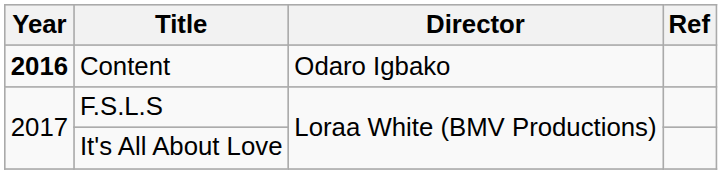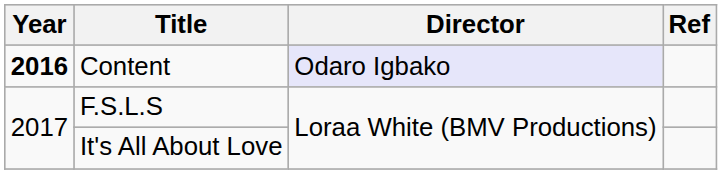 <table class="wikitable">
 <tr>
 <th>Year</th>
 <th>Title</th>
 <th>Director</th>
 <th>Ref</th>
 </tr>
 <tr>
 <td><strong>2016</strong></td>
 <td>Content</td>
-<td>Odaro Igbako</td>
+<td style="background: lavender;">Odaro Igbako</td>
 <td></td>
 </tr>
 <tr>
 <td rowspan="2">2017</td>
 <td>F.S.L.S</td>
 <td rowspan="2">Loraa White (BMV Productions)</td>
 <td></td>
 </tr>
 <tr>
 <td>It's All About Love</td>
 <td></td>
 </tr>
 </table>
